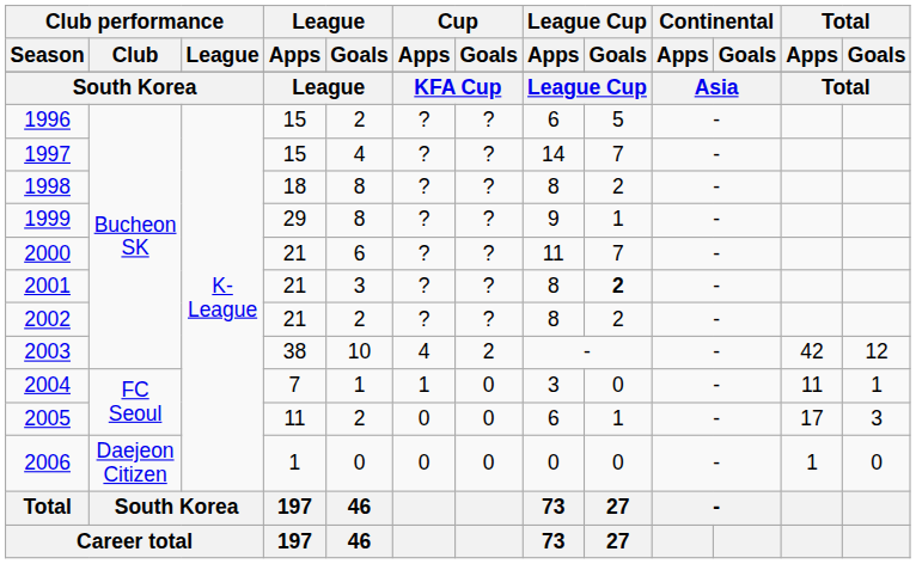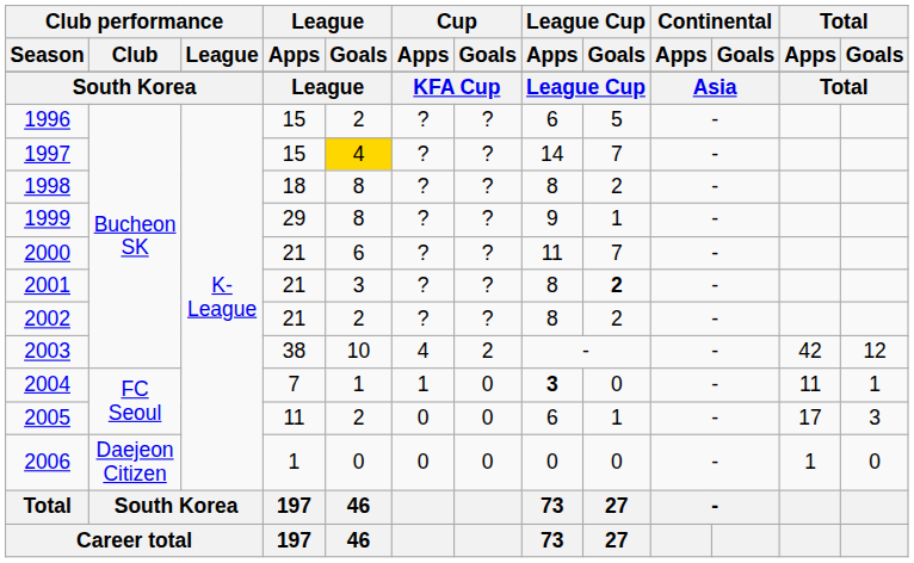 <table class="wikitable" style="text-align:center">
 <tr>
 <th colspan=3>Club performance</th>
 <th colspan=2>League</th>
 <th colspan=2>Cup</th>
 <th colspan=2>League Cup</th>
 <th colspan=2>Continental</th>
 <th colspan=2>Total</th>
 </tr>
 <tr>
 <th>Season</th>
 <th>Club</th>
 <th>League</th>
 <th>Apps</th>
 <th>Goals</th>
 <th>Apps</th>
 <th>Goals</th>
 <th>Apps</th>
 <th>Goals</th>
 <th>Apps</th>
 <th>Goals</th>
 <th>Apps</th>
 <th>Goals</th>
 </tr>
 <tr>
 </tr>
 <tr>
 <th colspan=3>South Korea</th>
 <th colspan=2>League</th>
 <th colspan=2><a href='#'>KFA Cup</a></th>
 <th colspan=2><a href='#'>League Cup</a></th>
 <th colspan=2><a href='#'>Asia</a></th>
 <th colspan=2>Total</th>
 </tr>
 <tr>
 <td><a href='#'>1996</a></td>
 <td rowspan="8"><a href='#'>Bucheon SK</a></td>
 <td rowspan="11"><a href='#'>K-League</a></td>
 <td>15</td>
 <td>2</td>
 <td>?</td>
 <td>?</td>
 <td>6</td>
 <td>5</td>
 <td colspan="2">-</td>
 <td></td>
 <td></td>
 </tr>
 <tr>
 <td><a href='#'>1997</a></td>
 <td>15</td>
-<td>4</td>
+<td style="background: gold;">4</td>
 <td>?</td>
 <td>?</td>
 <td>14</td>
 <td>7</td>
 <td colspan="2">-</td>
 <td></td>
 <td></td>
 </tr>
 <tr>
 <td><a href='#'>1998</a></td>
 <td>18</td>
 <td>8</td>
 <td>?</td>
 <td>?</td>
 <td>8</td>
 <td>2</td>
 <td colspan="2">-</td>
 <td></td>
 <td></td>
 </tr>
 <tr>
 <td><a href='#'>1999</a></td>
 <td>29</td>
 <td>8</td>
 <td>?</td>
 <td>?</td>
 <td>9</td>
 <td>1</td>
 <td colspan="2">-</td>
 <td></td>
 <td></td>
 </tr>
 <tr>
 <td><a href='#'>2000</a></td>
 <td>21</td>
 <td>6</td>
 <td>?</td>
 <td>?</td>
 <td>11</td>
 <td>7</td>
 <td colspan="2">-</td>
 <td></td>
 <td></td>
 </tr>
 <tr>
 <td><a href='#'>2001</a></td>
 <td>21</td>
 <td>3</td>
 <td>?</td>
 <td>?</td>
 <td>8</td>
 <td><strong>2</strong></td>
 <td colspan="2">-</td>
 <td></td>
 <td></td>
 </tr>
 <tr>
 <td><a href='#'>2002</a></td>
 <td>21</td>
 <td>2</td>
 <td>?</td>
 <td>?</td>
 <td>8</td>
 <td>2</td>
 <td colspan="2">-</td>
 <td></td>
 <td></td>
 </tr>
 <tr>
 <td><a href='#'>2003</a></td>
 <td>38</td>
 <td>10</td>
 <td>4</td>
 <td>2</td>
 <td colspan="2">-</td>
 <td colspan="2">-</td>
 <td>42</td>
 <td>12</td>
 </tr>
 <tr>
 <td><a href='#'>2004</a></td>
 <td rowspan="2"><a href='#'>FC Seoul</a></td>
 <td>7</td>
 <td>1</td>
 <td>1</td>
 <td>0</td>
-<td>3</td>
+<td><strong>3</strong></td>
 <td>0</td>
 <td colspan="2">-</td>
 <td>11</td>
 <td>1</td>
 </tr>
 <tr>
 <td><a href='#'>2005</a></td>
 <td>11</td>
 <td>2</td>
 <td>0</td>
 <td>0</td>
 <td>6</td>
 <td>1</td>
 <td colspan="2">-</td>
 <td>17</td>
 <td>3</td>
 </tr>
 <tr>
 <td><a href='#'>2006</a></td>
 <td><a href='#'>Daejeon Citizen</a></td>
 <td>1</td>
 <td>0</td>
 <td>0</td>
 <td>0</td>
 <td>0</td>
 <td>0</td>
 <td colspan="2">-</td>
 <td>1</td>
 <td>0</td>
 </tr>
 <tr>
 <th rowspan=1>Total</th>
 <th colspan=2>South Korea</th>
 <th>197</th>
 <th>46</th>
 <th></th>
 <th></th>
 <th>73</th>
 <th>27</th>
 <th colspan="2">-</th>
 <th></th>
 <th></th>
 </tr>
 <tr>
 <th colspan=3>Career total</th>
 <th>197</th>
 <th>46</th>
 <th></th>
 <th></th>
 <th>73</th>
 <th>27</th>
 <th></th>
 <th></th>
 <th></th>
 <th></th>
 </tr>
 </table>
